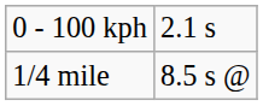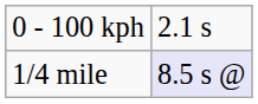 <table class="wikitable">
 <tr>
 <td>0 - 100 kph</td>
 <td>2.1 s</td>
 </tr>
 <tr>
 <td>1/4 mile</td>
-<td>8.5 s @ </td>
+<td style="background: lavender;">8.5 s @ </td>
 </tr>
 </table>
